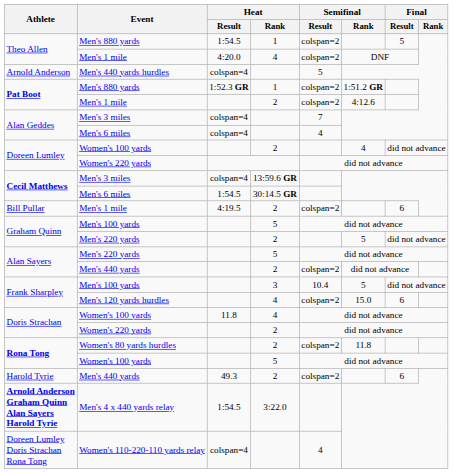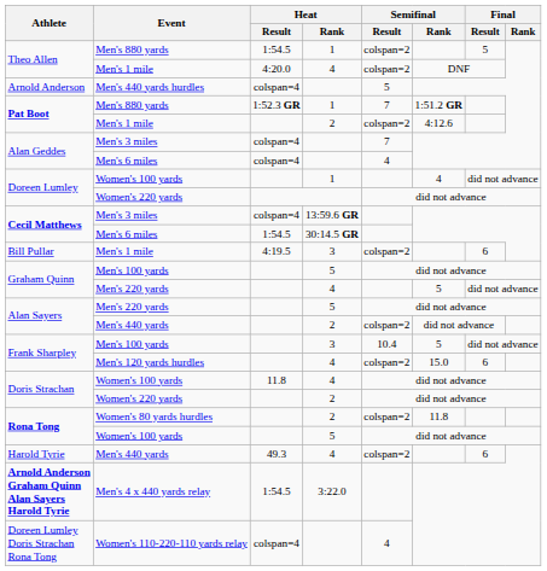 <table class=wikitable style=font-size:90%>
 <tr>
 <th rowspan=2>Athlete</th>
 <th rowspan=2>Event</th>
 <th colspan=2>Heat</th>
 <th colspan=2>Semifinal</th>
 <th colspan=2>Final</th>
 </tr>
 <tr style=font-size:95%>
 <th>Result</th>
 <th>Rank</th>
 <th>Result</th>
 <th>Rank</th>
 <th>Result</th>
 <th>Rank</th>
 </tr>
 <tr align=center>
 <td align=left rowspan=2><a href='#'>Theo Allen</a></td>
 <td align=left><a href='#'>Men's 880 yards</a></td>
 <td>1:54.5</td>
 <td>1</td>
 <td>colspan=2 </td>
 <td></td>
 <td>5</td>
 </tr>
 <tr align=center>
 <td align=left><a href='#'>Men's 1 mile</a></td>
 <td>4:20.0</td>
 <td>4</td>
 <td>colspan=2 </td>
 <td colspan=2>DNF</td>
 </tr>
 <tr align=center>
 <td align=left><a href='#'>Arnold Anderson</a></td>
 <td align=left><a href='#'>Men's 440 yards hurdles</a></td>
 <td>colspan=4 </td>
 <td></td>
 <td>5</td>
 </tr>
 <tr align=center>
 <td align=left rowspan=2><strong><a href='#'>Pat Boot</a></strong></td>
 <td align=left><a href='#'>Men's 880 yards</a></td>
 <td>1:52.3 <strong>GR</strong></td>
 <td>1</td>
-<td>colspan=2 </td>
+<td>7</td>
 <td>1:51.2 <strong>GR</strong></td>
 <td></td>
 </tr>
 <tr align=center>
 <td align=left><a href='#'>Men's 1 mile</a></td>
 <td></td>
 <td>2</td>
 <td>colspan=2 </td>
 <td>4:12.6</td>
 <td></td>
 </tr>
 <tr align=center>
 <td align=left rowspan=2><a href='#'>Alan Geddes</a></td>
 <td align=left><a href='#'>Men's 3 miles</a></td>
 <td>colspan=4 </td>
 <td></td>
 <td>7</td>
 </tr>
 <tr align=center>
 <td align=left><a href='#'>Men's 6 miles</a></td>
 <td>colspan=4 </td>
 <td></td>
 <td>4</td>
 </tr>
 <tr align=center>
 <td align=left rowspan=2><a href='#'>Doreen Lumley</a></td>
 <td align=left><a href='#'>Women's 100 yards</a></td>
 <td></td>
-<td>2</td>
+<td>1</td>
 <td></td>
 <td>4</td>
 <td colspan=2>did not advance</td>
 </tr>
 <tr align=center>
 <td align=left><a href='#'>Women's 220 yards</a></td>
 <td colspan=2></td>
 <td colspan=4>did not advance</td>
 </tr>
 <tr align=center>
 <td align=left rowspan=2><strong><a href='#'>Cecil Matthews</a></strong></td>
 <td align=left><a href='#'>Men's 3 miles</a></td>
 <td>colspan=4  </td>
 <td>13:59.6 <strong>GR</strong></td>
 <td></td>
 </tr>
 <tr align=center>
 <td align=left><a href='#'>Men's 6 miles</a></td>
 <td>1:54.5</td>
 <td>30:14.5 <strong>GR</strong></td>
 <td></td>
 </tr>
 <tr align=center>
 <td align=left><a href='#'>Bill Pullar</a></td>
 <td align=left><a href='#'>Men's 1 mile</a></td>
 <td>4:19.5</td>
-<td>2</td>
+<td>3</td>
 <td>colspan=2 </td>
 <td></td>
 <td>6</td>
 </tr>
 <tr align=center>
 <td align=left rowspan=2><a href='#'>Graham Quinn</a></td>
 <td align=left><a href='#'>Men's 100 yards</a></td>
 <td></td>
 <td>5</td>
 <td colspan=4>did not advance</td>
 </tr>
 <tr align=center>
 <td align=left><a href='#'>Men's 220 yards</a></td>
 <td></td>
-<td>2</td>
+<td>4</td>
 <td></td>
 <td>5</td>
 <td colspan=2>did not advance</td>
 </tr>
 <tr align=center>
 <td align=left rowspan=2><a href='#'>Alan Sayers</a></td>
 <td align=left><a href='#'>Men's 220 yards</a></td>
 <td></td>
 <td>5</td>
 <td colspan=4>did not advance</td>
 </tr>
 <tr align=center>
 <td align=left><a href='#'>Men's 440 yards</a></td>
 <td></td>
 <td>2</td>
 <td>colspan=2 </td>
 <td colspan=2>did not advance</td>
 </tr>
 <tr align=center>
 <td align=left rowspan=2><a href='#'>Frank Sharpley</a></td>
 <td align=left><a href='#'>Men's 100 yards</a></td>
 <td></td>
 <td>3</td>
 <td>10.4</td>
 <td>5</td>
 <td colspan=2>did not advance</td>
 </tr>
 <tr align=center>
 <td align=left><a href='#'>Men's 120 yards hurdles</a></td>
 <td></td>
 <td>4</td>
 <td>colspan=2 </td>
 <td>15.0</td>
 <td>6</td>
 </tr>
 <tr align=center>
 <td align=left rowspan=2><a href='#'>Doris Strachan</a></td>
 <td align=left><a href='#'>Women's 100 yards</a></td>
 <td>11.8</td>
 <td>4</td>
 <td colspan=4>did not advance</td>
 </tr>
 <tr align=center>
 <td align=left><a href='#'>Women's 220 yards</a></td>
 <td></td>
 <td>2</td>
 <td colspan=4>did not advance</td>
 </tr>
 <tr align=center>
 <td align=left rowspan=2><strong><a href='#'>Rona Tong</a></strong></td>
 <td align=left><a href='#'>Women's 80 yards hurdles</a></td>
 <td></td>
 <td>2</td>
 <td>colspan=2 </td>
 <td>11.8</td>
 <td></td>
 </tr>
 <tr align=center>
 <td align=left><a href='#'>Women's 100 yards</a></td>
 <td></td>
 <td>5</td>
 <td colspan=4>did not advance</td>
 </tr>
 <tr align=center>
 <td align=left><a href='#'>Harold Tyrie</a></td>
 <td align=left><a href='#'>Men's 440 yards</a></td>
 <td>49.3</td>
-<td>2</td>
+<td>4</td>
 <td>colspan=2 </td>
 <td></td>
 <td>6</td>
 </tr>
 <tr align=center>
 <td align=left><strong><a href='#'>Arnold Anderson</a><br><a href='#'>Graham Quinn</a><br><a href='#'>Alan Sayers</a><br><a href='#'>Harold Tyrie</a></strong></td>
 <td align=left><a href='#'>Men's 4 x 440 yards relay</a></td>
 <td>1:54.5</td>
 <td>3:22.0</td>
 <td></td>
 </tr>
 <tr align=center>
 <td align=left><a href='#'>Doreen Lumley</a><br><a href='#'>Doris Strachan</a><br><a href='#'>Rona Tong</a></td>
 <td align=left><a href='#'>Women's 110-220-110 yards relay</a></td>
 <td>colspan=4 </td>
 <td></td>
 <td>4</td>
 </tr>
 </table>
